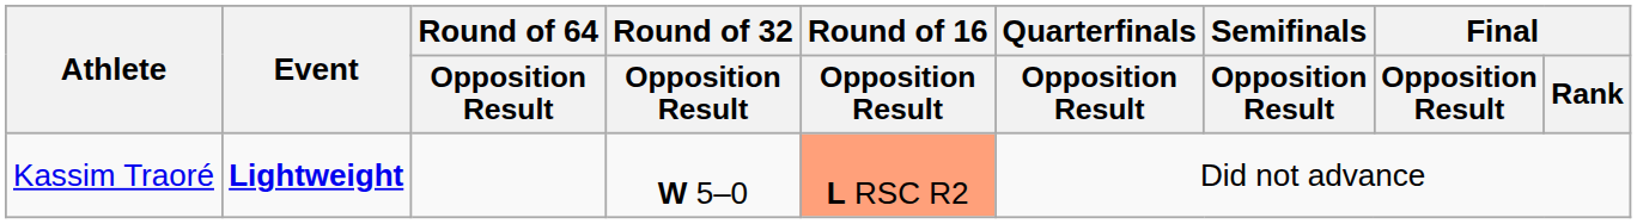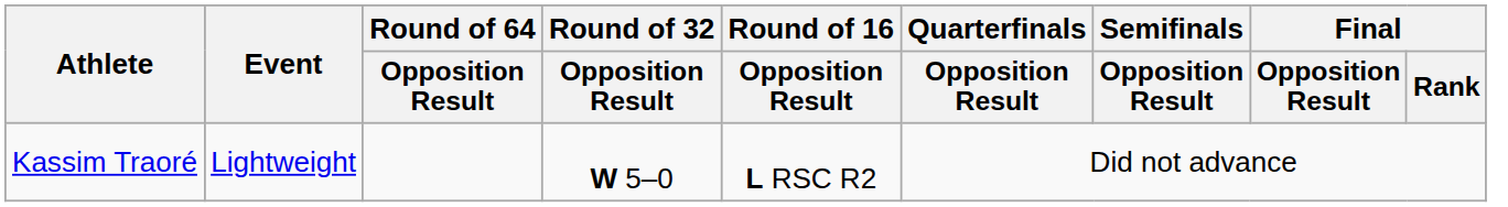 <table class="wikitable" style="font-size:90%">
 <tr>
 <th rowspan="2">Athlete</th>
 <th rowspan="2">Event</th>
 <th>Round of 64</th>
 <th>Round of 32</th>
 <th>Round of 16</th>
 <th>Quarterfinals</th>
 <th>Semifinals</th>
 <th colspan=2>Final</th>
 </tr>
 <tr style="font-size:95%">
 <th>Opposition<br>Result</th>
 <th>Opposition<br>Result</th>
 <th>Opposition<br>Result</th>
 <th>Opposition<br>Result</th>
 <th>Opposition<br>Result</th>
 <th>Opposition<br>Result</th>
 <th>Rank</th>
 </tr>
 <tr align=center>
 <td align=left><a href='#'>Kassim Traoré</a></td>
-<td align=left><strong><a href='#'>Lightweight</a></strong></td>
+<td align=left><a href='#'>Lightweight</a></td>
 <td></td>
 <td><br><strong>W</strong> 5–0</td>
-<td style="background: lightsalmon;"><br><strong>L</strong> RSC R2</td>
+<td><br><strong>L</strong> RSC R2</td>
 <td colspan=4>Did not advance</td>
 </tr>
 </table>
